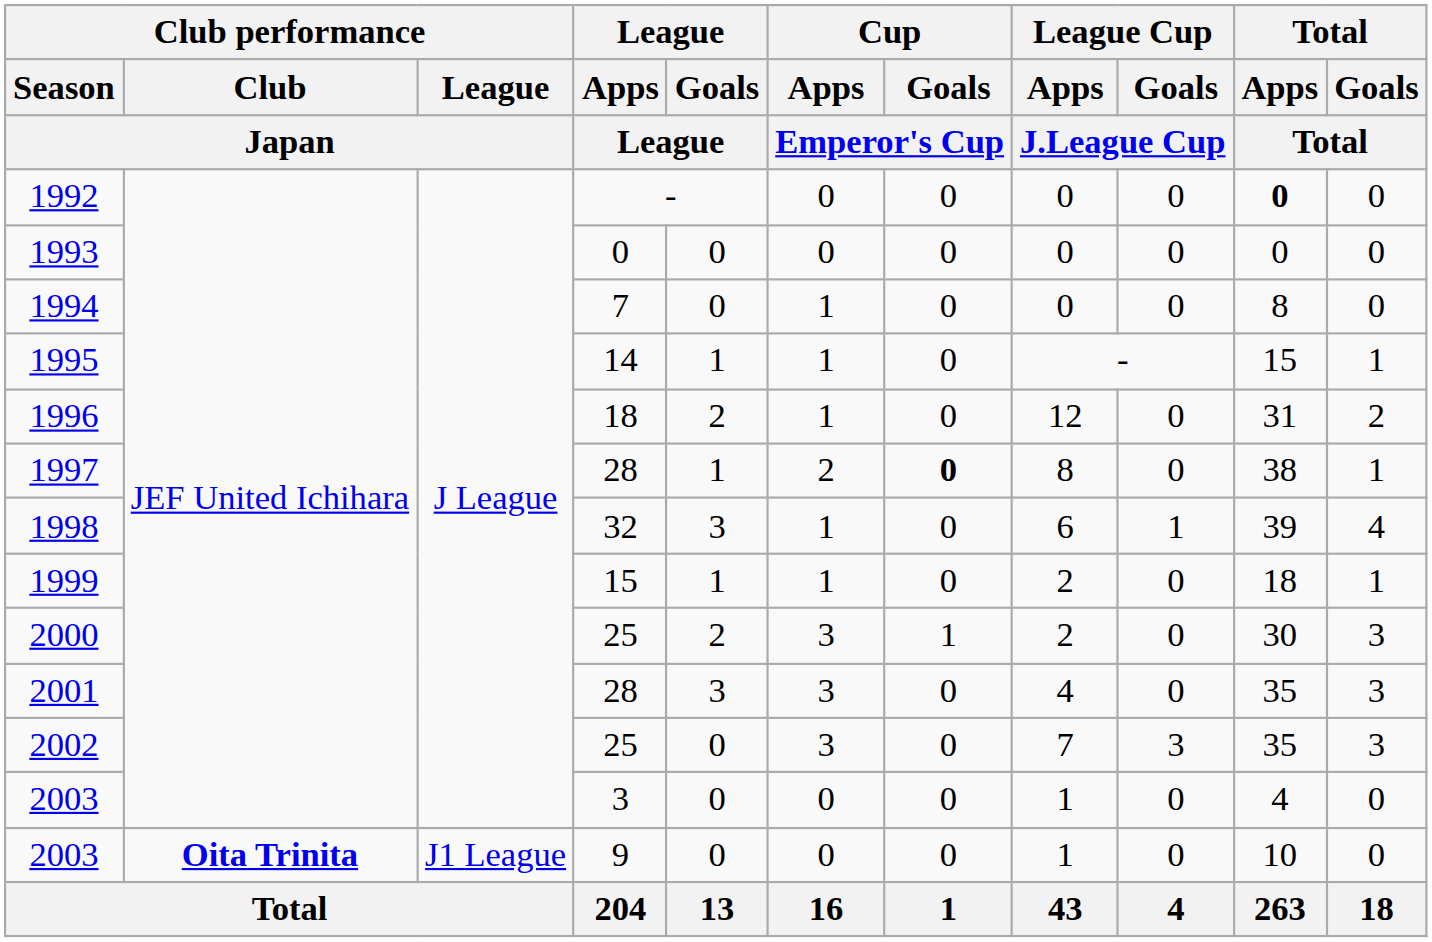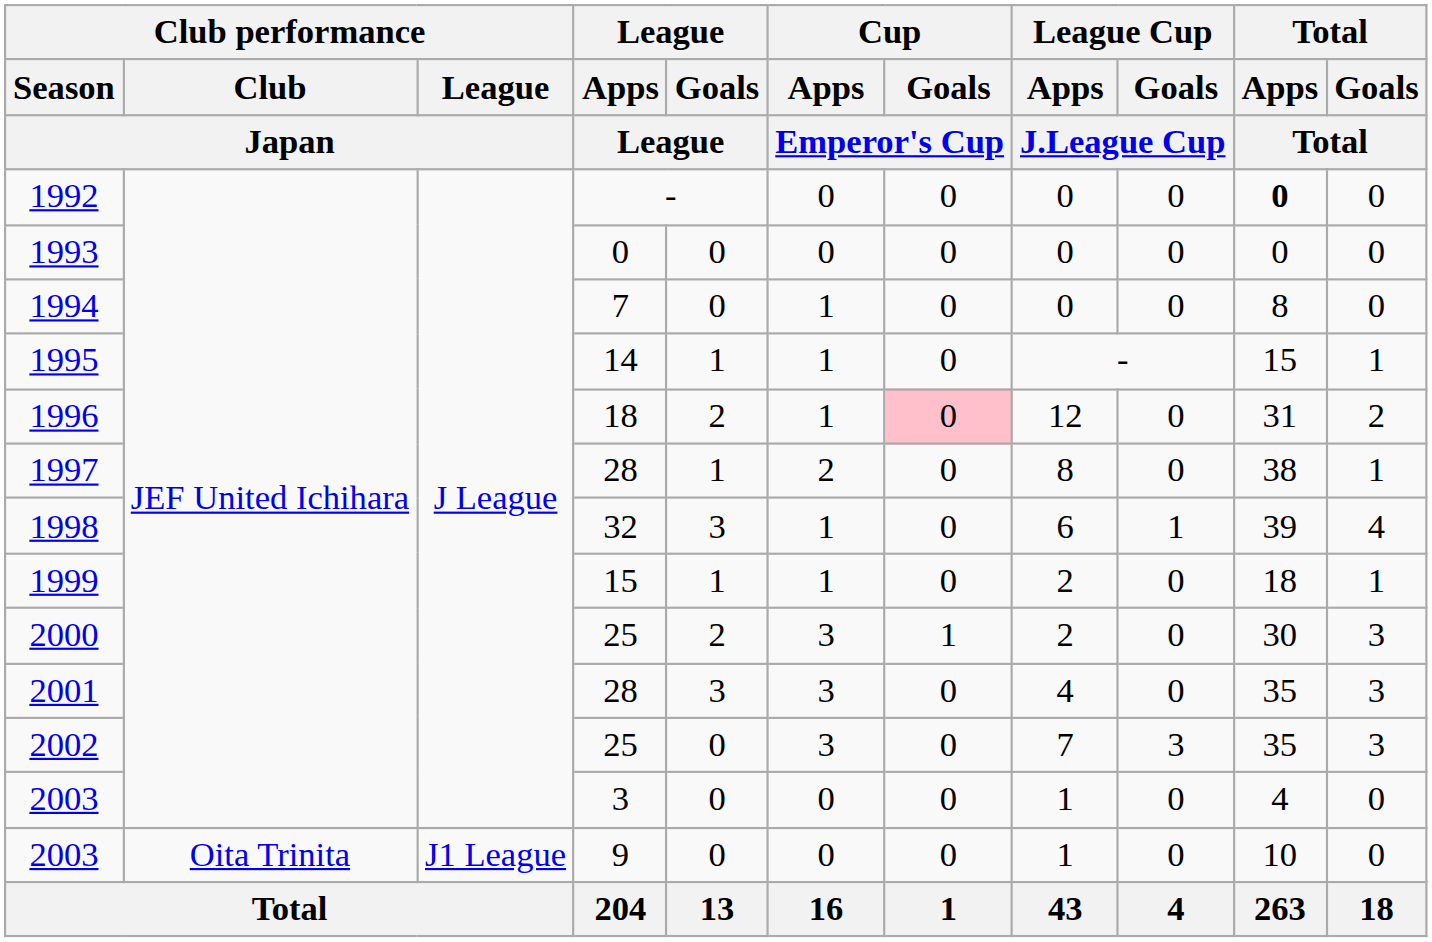 <table class="wikitable" style="text-align:center;">
 <tr>
 <th colspan=3>Club performance</th>
 <th colspan=2>League</th>
 <th colspan=2>Cup</th>
 <th colspan=2>League Cup</th>
 <th colspan=2>Total</th>
 </tr>
 <tr>
 <th>Season</th>
 <th>Club</th>
 <th>League</th>
 <th>Apps</th>
 <th>Goals</th>
 <th>Apps</th>
 <th>Goals</th>
 <th>Apps</th>
 <th>Goals</th>
 <th>Apps</th>
 <th>Goals</th>
 </tr>
 <tr>
 <th colspan=3>Japan</th>
 <th colspan=2>League</th>
 <th colspan=2><a href='#'>Emperor's Cup</a></th>
 <th colspan=2><a href='#'>J.League Cup</a></th>
 <th colspan=2>Total</th>
 </tr>
 <tr>
 <td><a href='#'>1992</a></td>
 <td rowspan="12"><a href='#'>JEF United Ichihara</a></td>
 <td rowspan="12"><a href='#'>J League</a></td>
 <td colspan="2">-</td>
 <td>0</td>
 <td>0</td>
 <td>0</td>
 <td>0</td>
 <td><strong>0</strong></td>
 <td>0</td>
 </tr>
 <tr>
 <td><a href='#'>1993</a></td>
 <td>0</td>
 <td>0</td>
 <td>0</td>
 <td>0</td>
 <td>0</td>
 <td>0</td>
 <td>0</td>
 <td>0</td>
 </tr>
 <tr>
 <td><a href='#'>1994</a></td>
 <td>7</td>
 <td>0</td>
 <td>1</td>
 <td>0</td>
 <td>0</td>
 <td>0</td>
 <td>8</td>
 <td>0</td>
 </tr>
 <tr>
 <td><a href='#'>1995</a></td>
 <td>14</td>
 <td>1</td>
 <td>1</td>
 <td>0</td>
 <td colspan="2">-</td>
 <td>15</td>
 <td>1</td>
 </tr>
 <tr>
 <td><a href='#'>1996</a></td>
 <td>18</td>
 <td>2</td>
 <td>1</td>
-<td>0</td>
+<td style="background: pink;">0</td>
 <td>12</td>
 <td>0</td>
 <td>31</td>
 <td>2</td>
 </tr>
 <tr>
 <td><a href='#'>1997</a></td>
 <td>28</td>
 <td>1</td>
 <td>2</td>
-<td><strong>0</strong></td>
+<td>0</td>
 <td>8</td>
 <td>0</td>
 <td>38</td>
 <td>1</td>
 </tr>
 <tr>
 <td><a href='#'>1998</a></td>
 <td>32</td>
 <td>3</td>
 <td>1</td>
 <td>0</td>
 <td>6</td>
 <td>1</td>
 <td>39</td>
 <td>4</td>
 </tr>
 <tr>
 <td><a href='#'>1999</a></td>
 <td>15</td>
 <td>1</td>
 <td>1</td>
 <td>0</td>
 <td>2</td>
 <td>0</td>
 <td>18</td>
 <td>1</td>
 </tr>
 <tr>
 <td><a href='#'>2000</a></td>
 <td>25</td>
 <td>2</td>
 <td>3</td>
 <td>1</td>
 <td>2</td>
 <td>0</td>
 <td>30</td>
 <td>3</td>
 </tr>
 <tr>
 <td><a href='#'>2001</a></td>
 <td>28</td>
 <td>3</td>
 <td>3</td>
 <td>0</td>
 <td>4</td>
 <td>0</td>
 <td>35</td>
 <td>3</td>
 </tr>
 <tr>
 <td><a href='#'>2002</a></td>
 <td>25</td>
 <td>0</td>
 <td>3</td>
 <td>0</td>
 <td>7</td>
 <td>3</td>
 <td>35</td>
 <td>3</td>
 </tr>
 <tr>
 <td><a href='#'>2003</a></td>
 <td>3</td>
 <td>0</td>
 <td>0</td>
 <td>0</td>
 <td>1</td>
 <td>0</td>
 <td>4</td>
 <td>0</td>
 </tr>
 <tr>
 <td><a href='#'>2003</a></td>
-<td><strong><a href='#'>Oita Trinita</a></strong></td>
+<td><a href='#'>Oita Trinita</a></td>
 <td><a href='#'>J1 League</a></td>
 <td>9</td>
 <td>0</td>
 <td>0</td>
 <td>0</td>
 <td>1</td>
 <td>0</td>
 <td>10</td>
 <td>0</td>
 </tr>
 <tr>
 <th colspan=3>Total</th>
 <th>204</th>
 <th>13</th>
 <th>16</th>
 <th>1</th>
 <th>43</th>
 <th>4</th>
 <th>263</th>
 <th>18</th>
 </tr>
 </table>
